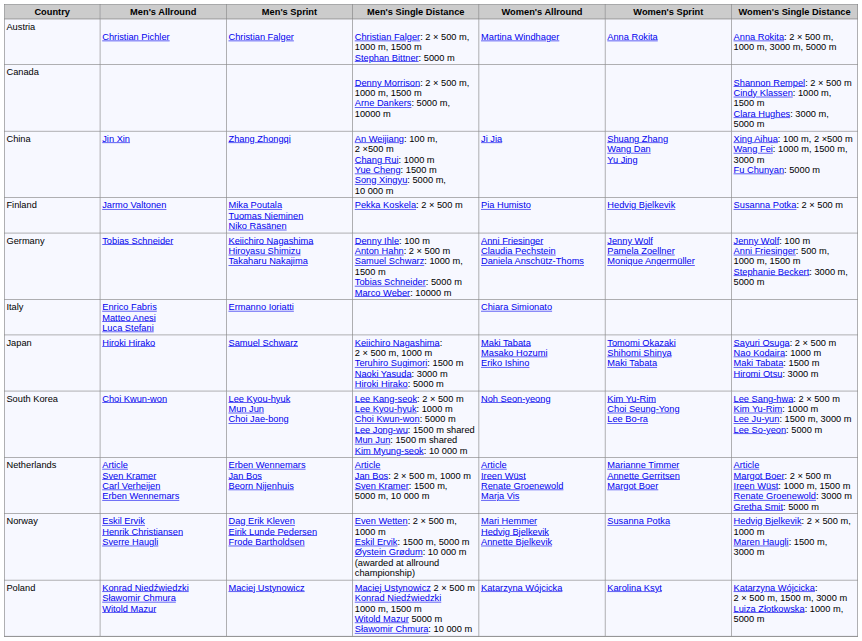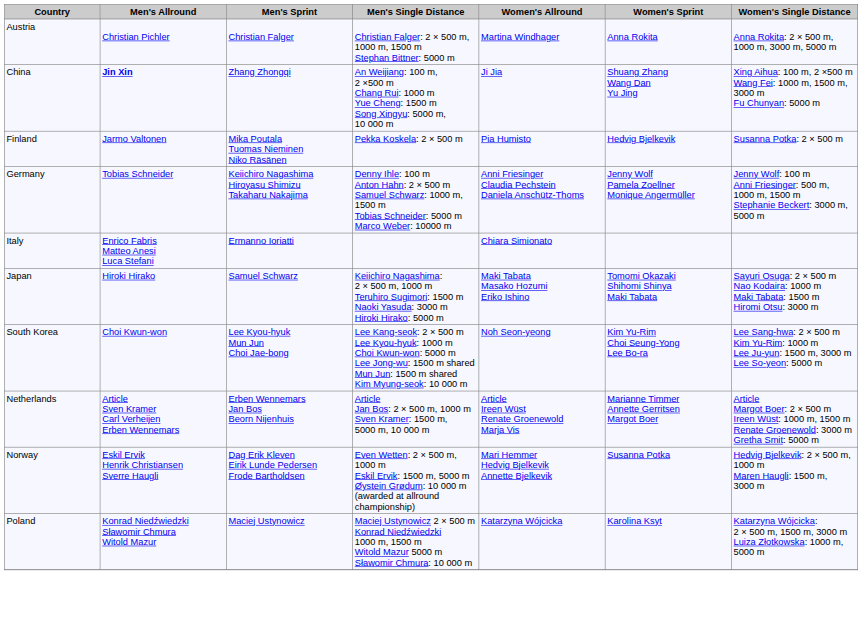 <table bgcolor="#f7f8ff" cellpadding="3" cellspacing="0" border="1" style="font-size: 95%; border: gray solid 1px; border-collapse: collapse;">
 <tr bgcolor="#CCCCCC">
 <td align="center" width="150"><strong>Country</strong></td>
 <td align="center" width="200"><strong>Men's Allround</strong></td>
 <td align="center" width="200"><strong>Men's Sprint</strong></td>
 <td align="center" width="200"><strong>Men's Single Distance</strong></td>
 <td align="center" width="200"><strong>Women's Allround</strong></td>
 <td align="center" width="200"><strong>Women's Sprint</strong></td>
 <td align="center" width="200"><strong>Women's Single Distance</strong></td>
 </tr>
 <tr valign="top">
 <td> Austria</td>
 <td><br> <a href='#'>Christian Pichler</a></td>
 <td><br> <a href='#'>Christian Falger</a></td>
 <td><br><a href='#'>Christian Falger</a>: 2 × 500 m, 1000 m, 1500 m<br> <a href='#'>Stephan Bittner</a>: 5000 m</td>
 <td><br> <a href='#'>Martina Windhager</a></td>
 <td><br> <a href='#'>Anna Rokita</a></td>
 <td><br><a href='#'>Anna Rokita</a>: 2 × 500 m, 1000 m, 3000 m, 5000 m</td>
 </tr>
 <tr valign="top">
-<td> Canada</td>
-<td></td>
-<td></td>
-<td><br><a href='#'>Denny Morrison</a>: 2 × 500 m, 1000 m, 1500 m<br> <a href='#'>Arne Dankers</a>: 5000 m, 10000 m</td>
-<td></td>
-<td></td>
-<td><br><a href='#'>Shannon Rempel</a>: 2 × 500 m<br> <a href='#'>Cindy Klassen</a>: 1000 m, 1500 m<br> <a href='#'>Clara Hughes</a>: 3000 m, 5000 m<br></td>
-</tr>
-<tr valign="top">
 <td> China</td>
-<td> <a href='#'>Jin Xin</a></td>
+<td><strong> <a href='#'>Jin Xin</a></strong></td>
 <td> <a href='#'>Zhang Zhongqi</a></td>
 <td><a href='#'>An Weijiang</a>: 100 m, 2 ×500 m<br><a href='#'>Chang Rui</a>: 1000 m<br><a href='#'>Yue Cheng</a>: 1500 m<br><a href='#'>Song Xingyu</a>: 5000 m, 10 000 m</td>
 <td> <a href='#'>Ji Jia</a></td>
 <td> <a href='#'>Shuang Zhang</a> <br> <a href='#'>Wang Dan</a><br> <a href='#'>Yu Jing</a></td>
 <td><a href='#'>Xing Aihua</a>: 100 m, 2 ×500 m<br><a href='#'>Wang Fei</a>: 1000 m, 1500 m, 3000 m<br><a href='#'>Fu Chunyan</a>: 5000 m</td>
 </tr>
 <tr valign="top">
 <td> Finland</td>
 <td> <a href='#'>Jarmo Valtonen</a></td>
 <td> <a href='#'>Mika Poutala</a><br> <a href='#'>Tuomas Nieminen</a><br> <a href='#'>Niko Räsänen</a></td>
 <td><a href='#'>Pekka Koskela</a>: 2 × 500 m</td>
 <td> <a href='#'>Pia Humisto</a></td>
 <td> <a href='#'>Hedvig Bjelkevik</a></td>
 <td><a href='#'>Susanna Potka</a>: 2 × 500 m</td>
 </tr>
 <tr valign="top">
 <td> Germany</td>
 <td> <a href='#'>Tobias Schneider</a></td>
 <td> <a href='#'>Keiichiro Nagashima</a><br> <a href='#'>Hiroyasu Shimizu</a><br> <a href='#'>Takaharu Nakajima</a></td>
 <td><a href='#'>Denny Ihle</a>: 100 m<br><a href='#'>Anton Hahn</a>: 2 × 500 m<br><a href='#'>Samuel Schwarz</a>: 1000 m, 1500 m<br><a href='#'>Tobias Schneider</a>: 5000 m<br><a href='#'>Marco Weber</a>: 10000 m</td>
 <td> <a href='#'>Anni Friesinger</a><br> <a href='#'>Claudia Pechstein</a><br> <a href='#'>Daniela Anschütz-Thoms</a></td>
 <td> <a href='#'>Jenny Wolf</a><br> <a href='#'>Pamela Zoellner</a><br> <a href='#'>Monique Angermüller</a></td>
 <td><a href='#'>Jenny Wolf</a>: 100 m<br><a href='#'>Anni Friesinger</a>: 500 m, 1000 m, 1500 m<br><a href='#'>Stephanie Beckert</a>: 3000 m, 5000 m</td>
 </tr>
 <tr valign="top">
 <td> Italy</td>
 <td> <a href='#'>Enrico Fabris</a><br> <a href='#'>Matteo Anesi</a><br> <a href='#'>Luca Stefani</a></td>
 <td> <a href='#'>Ermanno Ioriatti</a></td>
 <td></td>
 <td> <a href='#'>Chiara Simionato</a></td>
 <td></td>
 <td></td>
 </tr>
 <tr valign="top">
 <td> Japan</td>
 <td> <a href='#'>Hiroki Hirako</a></td>
 <td> <a href='#'>Samuel Schwarz</a></td>
 <td><a href='#'>Keiichiro Nagashima</a>: 2 × 500 m, 1000 m<br><a href='#'>Teruhiro Sugimori</a>: 1500 m<br><a href='#'>Naoki Yasuda</a>: 3000 m<br><a href='#'>Hiroki Hirako</a>: 5000 m</td>
 <td> <a href='#'>Maki Tabata</a><br> <a href='#'>Masako Hozumi</a><br> <a href='#'>Eriko Ishino</a></td>
 <td> <a href='#'>Tomomi Okazaki</a><br><a href='#'>Shihomi Shinya</a><br> <a href='#'>Maki Tabata</a></td>
 <td><a href='#'>Sayuri Osuga</a>: 2 × 500 m<br><a href='#'>Nao Kodaira</a>: 1000 m<br><a href='#'>Maki Tabata</a>: 1500 m<br><a href='#'>Hiromi Otsu</a>: 3000 m</td>
 </tr>
 <tr valign="top">
 <td> South Korea</td>
 <td> <a href='#'>Choi Kwun-won</a></td>
 <td> <a href='#'>Lee Kyou-hyuk</a><br> <a href='#'>Mun Jun</a><br> <a href='#'>Choi Jae-bong</a></td>
 <td><a href='#'>Lee Kang-seok</a>: 2 × 500 m<br><a href='#'>Lee Kyou-hyuk</a>: 1000 m<br><a href='#'>Choi Kwun-won</a>: 5000 m<br><a href='#'>Lee Jong-wu</a>: 1500 m shared<br><a href='#'>Mun Jun</a>: 1500 m shared<br><a href='#'>Kim Myung-seok</a>: 10 000 m</td>
 <td> <a href='#'>Noh Seon-yeong</a></td>
 <td> <a href='#'>Kim Yu-Rim</a><br> <a href='#'>Choi Seung-Yong</a><br> <a href='#'>Lee Bo-ra</a></td>
 <td><a href='#'>Lee Sang-hwa</a>: 2 × 500 m<br><a href='#'>Kim Yu-Rim</a>: 1000 m<br><a href='#'>Lee Ju-yun</a>: 1500 m, 3000 m<br><a href='#'>Lee So-yeon</a>: 5000 m</td>
 </tr>
 <tr valign="top">
 <td> Netherlands</td>
 <td><a href='#'>Article</a><br> <a href='#'>Sven Kramer</a><br> <a href='#'>Carl Verheijen</a><br> <a href='#'>Erben Wennemars</a></td>
 <td> <a href='#'>Erben Wennemars</a><br> <a href='#'>Jan Bos</a><br> <a href='#'>Beorn Nijenhuis</a></td>
 <td><a href='#'>Article</a><br><a href='#'>Jan Bos</a>: 2 × 500 m, 1000 m<br><a href='#'>Sven Kramer</a>: 1500 m, 5000 m, 10 000 m</td>
 <td><a href='#'>Article</a><br> <a href='#'>Ireen Wüst</a><br> <a href='#'>Renate Groenewold</a><br> <a href='#'>Marja Vis</a></td>
 <td> <a href='#'>Marianne Timmer</a><br> <a href='#'>Annette Gerritsen</a><br> <a href='#'>Margot Boer</a></td>
 <td><a href='#'>Article</a><br><a href='#'>Margot Boer</a>: 2 × 500 m<br><a href='#'>Ireen Wüst</a>: 1000 m, 1500 m<br><a href='#'>Renate Groenewold</a>: 3000 m<br><a href='#'>Gretha Smit</a>: 5000 m</td>
 </tr>
 <tr valign="top">
 <td> Norway</td>
 <td> <a href='#'>Eskil Ervik</a><br> <a href='#'>Henrik Christiansen</a><br> <a href='#'>Sverre Haugli</a></td>
 <td> <a href='#'>Dag Erik Kleven</a><br> <a href='#'>Eirik Lunde Pedersen</a><br> <a href='#'>Frode Bartholdsen</a></td>
 <td><a href='#'>Even Wetten</a>: 2 × 500 m, 1000 m<br><a href='#'>Eskil Ervik</a>: 1500 m, 5000 m <br><a href='#'>Øystein Grødum</a>: 10 000 m (awarded at allround championship)</td>
 <td> <a href='#'>Mari Hemmer</a><br> <a href='#'>Hedvig Bjelkevik</a><br> <a href='#'>Annette Bjelkevik</a></td>
 <td> <a href='#'>Susanna Potka</a></td>
 <td><a href='#'>Hedvig Bjelkevik</a>: 2 × 500 m, 1000 m<br><a href='#'>Maren Haugli</a>: 1500 m, 3000 m</td>
 </tr>
 <tr valign="top">
 <td> Poland</td>
 <td> <a href='#'>Konrad Niedźwiedzki</a><br> <a href='#'>Sławomir Chmura</a><br><a href='#'>Witold Mazur</a></td>
 <td> <a href='#'>Maciej Ustynowicz</a></td>
 <td><a href='#'>Maciej Ustynowicz</a> 2 × 500 m<br><a href='#'>Konrad Niedźwiedzki</a> 1000 m, 1500 m<br><a href='#'>Witold Mazur</a> 5000 m<br><a href='#'>Sławomir Chmura</a>: 10 000 m</td>
 <td> <a href='#'>Katarzyna Wójcicka</a></td>
 <td> <a href='#'>Karolina Ksyt</a></td>
 <td><a href='#'>Katarzyna Wójcicka</a>: 2 × 500 m, 1500 m, 3000 m<br><a href='#'>Luiza Złotkowska</a>: 1000 m, 5000 m</td>
 </tr>
 <tr>
 </tr>
 </table>
